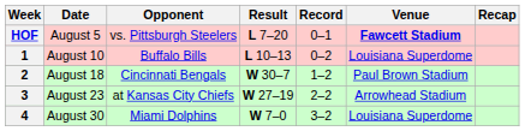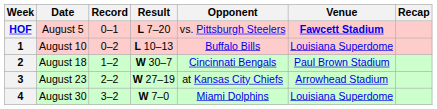 <table class="wikitable" style="text-align:center">
 <tr>
 <th>Week</th>
 <th>Date</th>
+<th>Record</th>
+<th>Result</th>
 <th>Opponent</th>
-<th>Result</th>
-<th>Record</th>
 <th>Venue</th>
 <th>Recap</th>
 </tr>
 <tr style="background:#fcc; text-align:center;">
 <th><a href='#'>HOF</a></th>
 <td>August 5</td>
+<td>0–1</td>
+<td><strong>L</strong>  7–20</td>
 <td>vs. <a href='#'>Pittsburgh Steelers</a></td>
-<td><strong>L</strong>  7–20</td>
-<td>0–1</td>
 <td><strong><a href='#'>Fawcett Stadium</a> </strong></td>
 <td></td>
 </tr>
 <tr style="background:#fcc; text-align:center;">
 <th>1</th>
 <td>August 10</td>
+<td>0–2</td>
+<td><strong>L</strong> 10–13</td>
 <td><a href='#'>Buffalo Bills</a></td>
-<td><strong>L</strong> 10–13</td>
-<td>0–2</td>
 <td><a href='#'>Louisiana Superdome</a></td>
 <td></td>
 </tr>
 <tr style="background:#cfc; text-align:center;">
 <th>2</th>
 <td>August 18</td>
+<td>1–2</td>
+<td><strong>W</strong> 30–7</td>
 <td><a href='#'>Cincinnati Bengals</a></td>
-<td><strong>W</strong> 30–7</td>
-<td>1–2</td>
 <td><a href='#'>Paul Brown Stadium</a></td>
 <td></td>
 </tr>
 <tr style="background:#cfc; text-align:center;">
 <th>3</th>
 <td>August 23</td>
+<td>2–2</td>
+<td><strong>W</strong> 27–19</td>
 <td>at <a href='#'>Kansas City Chiefs</a></td>
-<td><strong>W</strong> 27–19</td>
-<td>2–2</td>
 <td><a href='#'>Arrowhead Stadium</a></td>
 <td></td>
 </tr>
 <tr style="background:#cfc; text-align:center;">
 <th>4</th>
 <td>August 30</td>
+<td>3–2</td>
+<td><strong>W</strong> 7–0</td>
 <td><a href='#'>Miami Dolphins</a></td>
-<td><strong>W</strong> 7–0</td>
-<td>3–2</td>
 <td><a href='#'>Louisiana Superdome</a></td>
 <td></td>
 </tr>
 </table>
